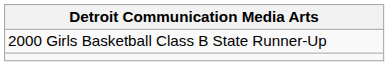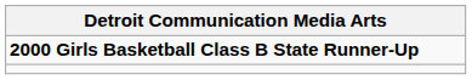 <table class="wikitable collapsible collapsed" style="min-width:25em; font-size:88%;">
 <tr>
 <th colspan="2">Detroit Communication Media Arts</th>
 </tr>
 <tr>
-<td>2000 Girls Basketball Class B State Runner-Up</td>
+<td><strong>2000 Girls Basketball Class B State Runner-Up</strong></td>
 </tr>
 <tr>
 <td></td>
 </tr>
 </table>
